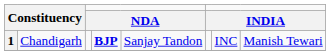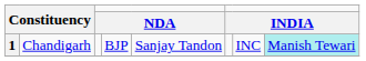 <table class="wikitable sortable" style="text-align:center;font-size:95%;line-height:16px">
 <tr>
 <th colspan="2" rowspan="2">Constituency</th>
 <td colspan="3" bgcolor=></td>
 <td colspan="3" bgcolor=></td>
 </tr>
 <tr>
 <th colspan="3"><a href='#'>NDA</a></th>
 <th colspan="3"><a href='#'>INDIA</a></th>
 </tr>
 <tr>
 <th>1</th>
 <td><a href='#'>Chandigarh</a></td>
 <td></td>
-<td><strong><a href='#'>BJP</a></strong></td>
+<td><a href='#'>BJP</a></td>
 <td><a href='#'>Sanjay Tandon</a></td>
 <td></td>
 <td><a href='#'>INC</a></td>
-<td><a href='#'>Manish Tewari</a></td>
+<td style="background: paleturquoise;"><a href='#'>Manish Tewari</a></td>
 </tr>
 <tr>
 </tr>
 </table>
